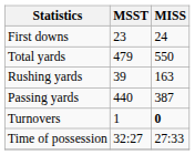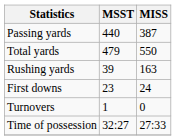 <table class="wikitable" style="float: left;">
 <tr>
 <th>Statistics</th>
 <th>MSST</th>
 <th>MISS</th>
 </tr>
 <tr>
-<td>First downs</td>
-<td>23</td>
-<td>24</td>
+<td>Passing yards</td>
+<td>440</td>
+<td>387</td>
 </tr>
 <tr>
 <td>Total yards</td>
 <td>479</td>
 <td>550</td>
 </tr>
 <tr>
 <td>Rushing yards</td>
 <td>39</td>
 <td>163</td>
 </tr>
 <tr>
-<td>Passing yards</td>
-<td>440</td>
-<td>387</td>
+<td>First downs</td>
+<td>23</td>
+<td>24</td>
 </tr>
 <tr>
 <td>Turnovers</td>
 <td>1</td>
-<td><strong>0</strong></td>
+<td>0</td>
 </tr>
 <tr>
 <td>Time of possession</td>
 <td>32:27</td>
 <td>27:33</td>
 </tr>
 <tr>
 </tr>
 </table>
